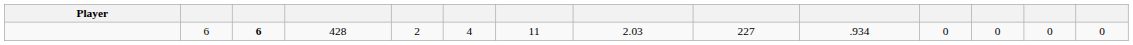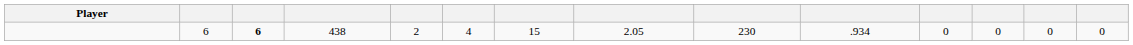 <table class="wikitable sortable" style="width:100%; text-align:center;">
 <tr>
 <th>Player</th>
 <th></th>
 <th></th>
 <th></th>
 <th></th>
 <th></th>
 <th></th>
 <th></th>
 <th></th>
 <th></th>
 <th></th>
 <th></th>
 <th></th>
 <th></th>
 </tr>
 <tr>
 <td style=white-space:nowrap></td>
 <td>6</td>
 <td><strong>6</strong></td>
-<td>428</td>
+<td>438</td>
 <td>2</td>
 <td>4</td>
-<td>11</td>
-<td>2.03</td>
-<td>227</td>
+<td>15</td>
+<td>2.05</td>
+<td>230</td>
 <td>.934</td>
 <td>0</td>
 <td>0</td>
 <td>0</td>
 <td>0</td>
 </tr>
 </table>
